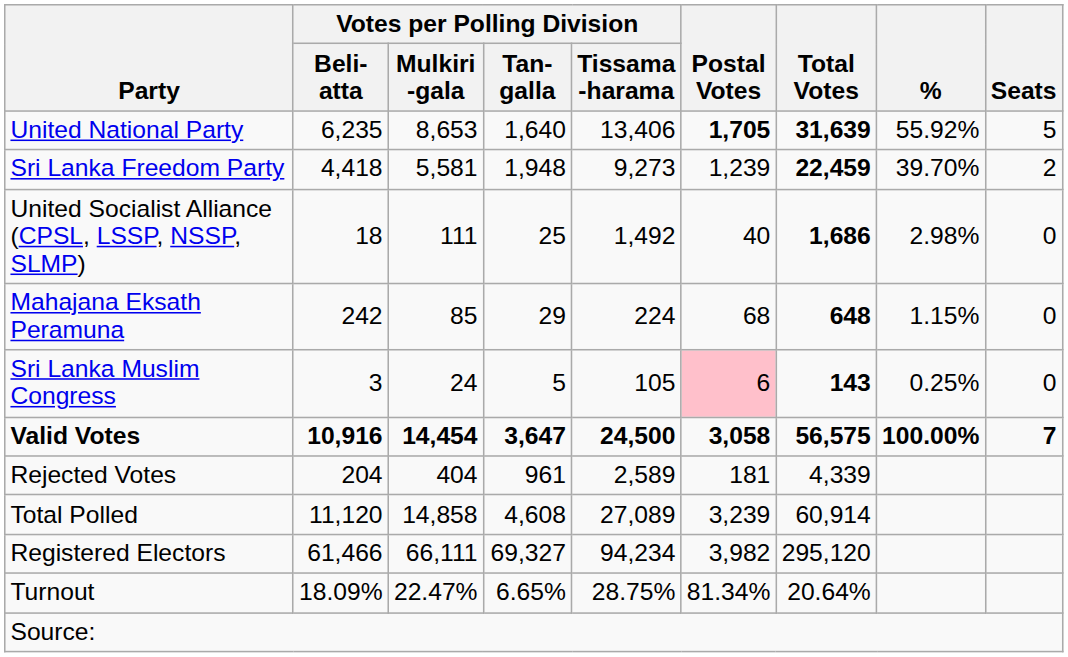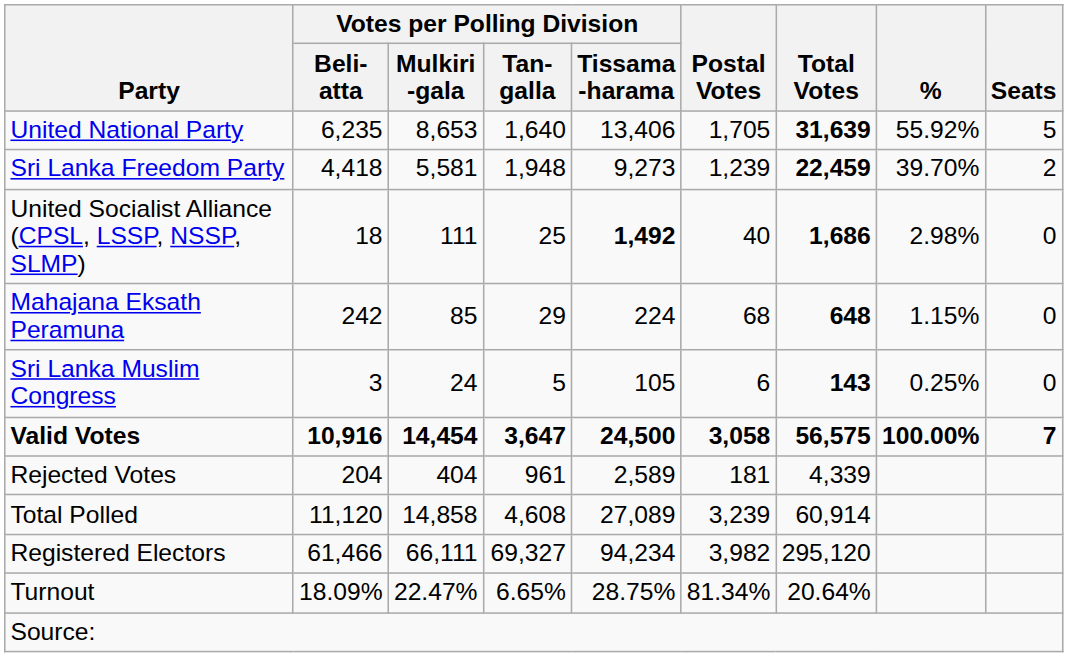 <table class="wikitable" style="text-align:right;">
 <tr>
 <th align=left valign=bottom rowspan=2 width="180">Party</th>
 <th colspan=4>Votes per Polling Division</th>
 <th align=center valign=bottom rowspan=2 width="50">Postal<br>Votes</th>
 <th align=center valign=bottom rowspan=2 width="50">Total Votes</th>
 <th align=center valign=bottom rowspan=2 width="50">%</th>
 <th align=center valign=bottom rowspan=2 width="40">Seats</th>
 </tr>
 <tr>
 <th align=center valign=bottom width="50">Beli-<br>atta</th>
 <th align=center valign=bottom width="50">Mulkiri<br>-gala</th>
 <th align=center valign=bottom width="50">Tan-<br>galla</th>
 <th align=center valign=bottom width="50">Tissama<br>-harama</th>
 </tr>
 <tr>
 <td align=left><a href='#'>United National Party</a></td>
 <td>6,235</td>
 <td>8,653</td>
 <td>1,640</td>
 <td>13,406</td>
-<td><strong>1,705</strong></td>
+<td>1,705</td>
 <td><strong>31,639</strong></td>
 <td>55.92%</td>
 <td>5</td>
 </tr>
 <tr>
 <td align=left><a href='#'>Sri Lanka Freedom Party</a></td>
 <td>4,418</td>
 <td>5,581</td>
 <td>1,948</td>
 <td>9,273</td>
 <td>1,239</td>
 <td><strong>22,459</strong></td>
 <td>39.70%</td>
 <td>2</td>
 </tr>
 <tr>
 <td align=left>United Socialist Alliance<br>(<a href='#'>CPSL</a>, <a href='#'>LSSP</a>, <a href='#'>NSSP</a>, <a href='#'>SLMP</a>)</td>
 <td>18</td>
 <td>111</td>
 <td>25</td>
-<td>1,492</td>
+<td><strong>1,492</strong></td>
 <td>40</td>
 <td><strong>1,686</strong></td>
 <td>2.98%</td>
 <td>0</td>
 </tr>
 <tr>
 <td align=left><a href='#'>Mahajana Eksath Peramuna</a></td>
 <td>242</td>
 <td>85</td>
 <td>29</td>
 <td>224</td>
 <td>68</td>
 <td><strong>648</strong></td>
 <td>1.15%</td>
 <td>0</td>
 </tr>
 <tr>
 <td align=left><a href='#'>Sri Lanka Muslim Congress</a></td>
 <td>3</td>
 <td>24</td>
 <td>5</td>
 <td>105</td>
-<td style="background: pink;">6</td>
+<td>6</td>
 <td><strong>143</strong></td>
 <td>0.25%</td>
 <td>0</td>
 </tr>
 <tr>
 <td align=left><strong>Valid Votes</strong></td>
 <td><strong>10,916</strong></td>
 <td><strong>14,454</strong></td>
 <td><strong>3,647</strong></td>
 <td><strong>24,500</strong></td>
 <td><strong>3,058</strong></td>
 <td><strong>56,575</strong></td>
 <td><strong>100.00%</strong></td>
 <td><strong>7</strong></td>
 </tr>
 <tr>
 <td align=left>Rejected Votes</td>
 <td>204</td>
 <td>404</td>
 <td>961</td>
 <td>2,589</td>
 <td>181</td>
 <td>4,339</td>
 <td></td>
 <td></td>
 </tr>
 <tr>
 <td align=left>Total Polled</td>
 <td>11,120</td>
 <td>14,858</td>
 <td>4,608</td>
 <td>27,089</td>
 <td>3,239</td>
 <td>60,914</td>
 <td></td>
 <td></td>
 </tr>
 <tr>
 <td align=left>Registered Electors</td>
 <td>61,466</td>
 <td>66,111</td>
 <td>69,327</td>
 <td>94,234</td>
 <td>3,982</td>
 <td>295,120</td>
 <td></td>
 <td></td>
 </tr>
 <tr>
 <td align=left>Turnout</td>
 <td>18.09%</td>
 <td>22.47%</td>
 <td>6.65%</td>
 <td>28.75%</td>
 <td>81.34%</td>
 <td>20.64%</td>
 <td></td>
 <td></td>
 </tr>
 <tr>
 <td align=left colspan=10>Source:</td>
 </tr>
 </table>
